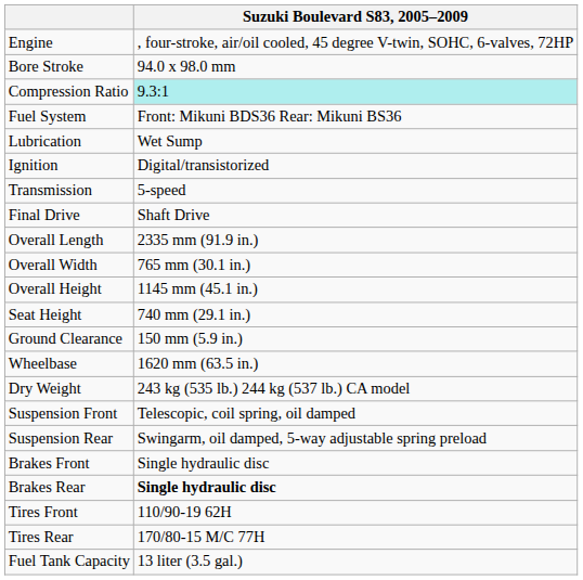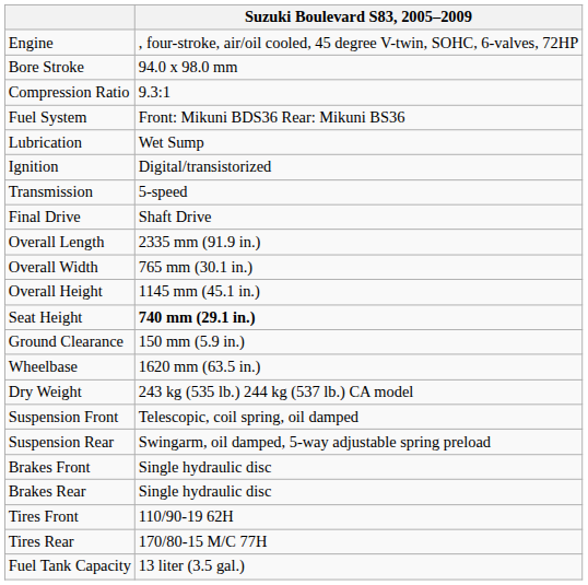 <table class="wikitable">
 <tr>
 <th></th>
 <th>Suzuki Boulevard S83, 2005–2009</th>
 </tr>
 <tr>
 <td>Engine</td>
 <td>, four-stroke, air/oil cooled, 45 degree V-twin, SOHC, 6-valves, 72HP</td>
 </tr>
 <tr>
 <td>Bore Stroke</td>
 <td>94.0 x 98.0 mm</td>
 </tr>
 <tr>
 <td>Compression Ratio</td>
-<td style="background: paleturquoise;">9.3:1</td>
+<td>9.3:1</td>
 </tr>
 <tr>
 <td>Fuel System</td>
 <td>Front: Mikuni BDS36 Rear: Mikuni BS36</td>
 </tr>
 <tr>
 <td>Lubrication</td>
 <td>Wet Sump</td>
 </tr>
 <tr>
 <td>Ignition</td>
 <td>Digital/transistorized</td>
 </tr>
 <tr>
 <td>Transmission</td>
 <td>5-speed</td>
 </tr>
 <tr>
 <td>Final Drive</td>
 <td>Shaft Drive</td>
 </tr>
 <tr>
 <td>Overall Length</td>
 <td>2335 mm (91.9 in.)</td>
 </tr>
 <tr>
 <td>Overall Width</td>
 <td>765 mm (30.1 in.)</td>
 </tr>
 <tr>
 <td>Overall Height</td>
 <td>1145 mm (45.1 in.)</td>
 </tr>
 <tr>
 <td>Seat Height</td>
-<td>740 mm (29.1 in.)</td>
+<td><strong>740 mm (29.1 in.)</strong></td>
 </tr>
 <tr>
 <td>Ground Clearance</td>
 <td>150 mm (5.9 in.)</td>
 </tr>
 <tr>
 <td>Wheelbase</td>
 <td>1620 mm (63.5 in.)</td>
 </tr>
 <tr>
 <td>Dry Weight</td>
 <td>243 kg (535 lb.) 244 kg (537 lb.) CA model</td>
 </tr>
 <tr>
 <td>Suspension Front</td>
 <td>Telescopic, coil spring, oil damped</td>
 </tr>
 <tr>
 <td>Suspension Rear</td>
 <td>Swingarm, oil damped, 5-way adjustable spring preload</td>
 </tr>
 <tr>
 <td>Brakes Front</td>
 <td>Single hydraulic disc</td>
 </tr>
 <tr>
 <td>Brakes Rear</td>
-<td><strong>Single hydraulic disc</strong></td>
+<td>Single hydraulic disc</td>
 </tr>
 <tr>
 <td>Tires Front</td>
 <td>110/90-19 62H</td>
 </tr>
 <tr>
 <td>Tires Rear</td>
 <td>170/80-15 M/C 77H</td>
 </tr>
 <tr>
 <td>Fuel Tank Capacity</td>
 <td>13 liter (3.5 gal.)</td>
 </tr>
 </table>
